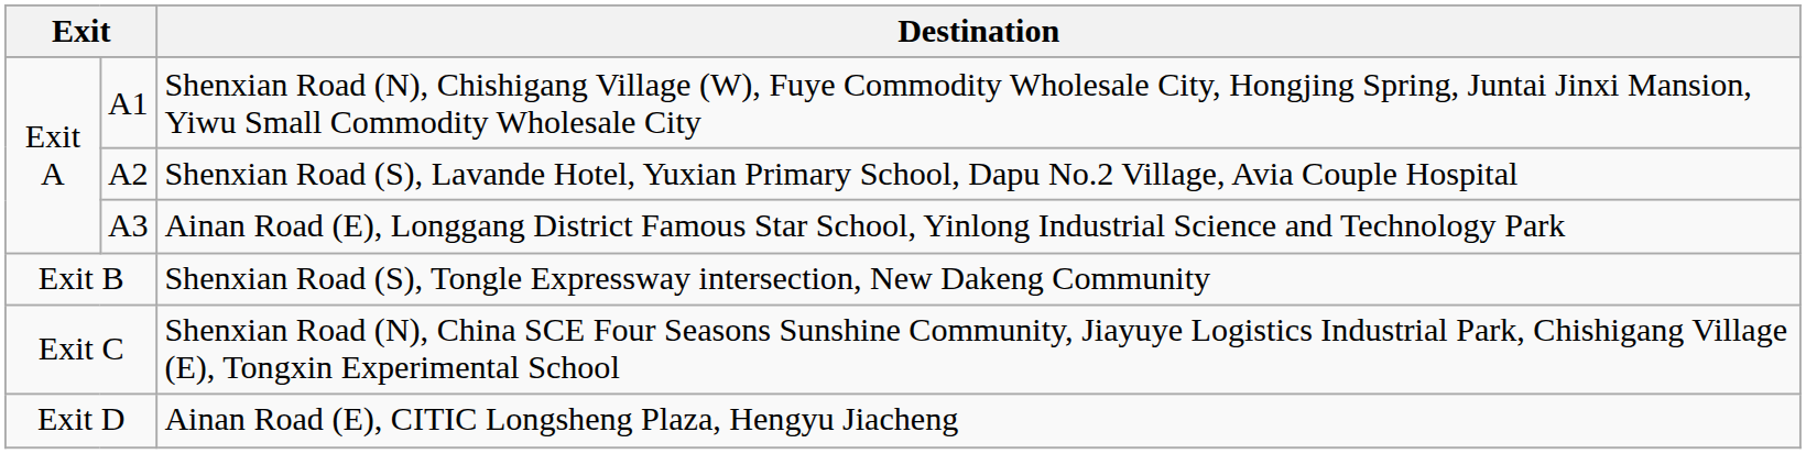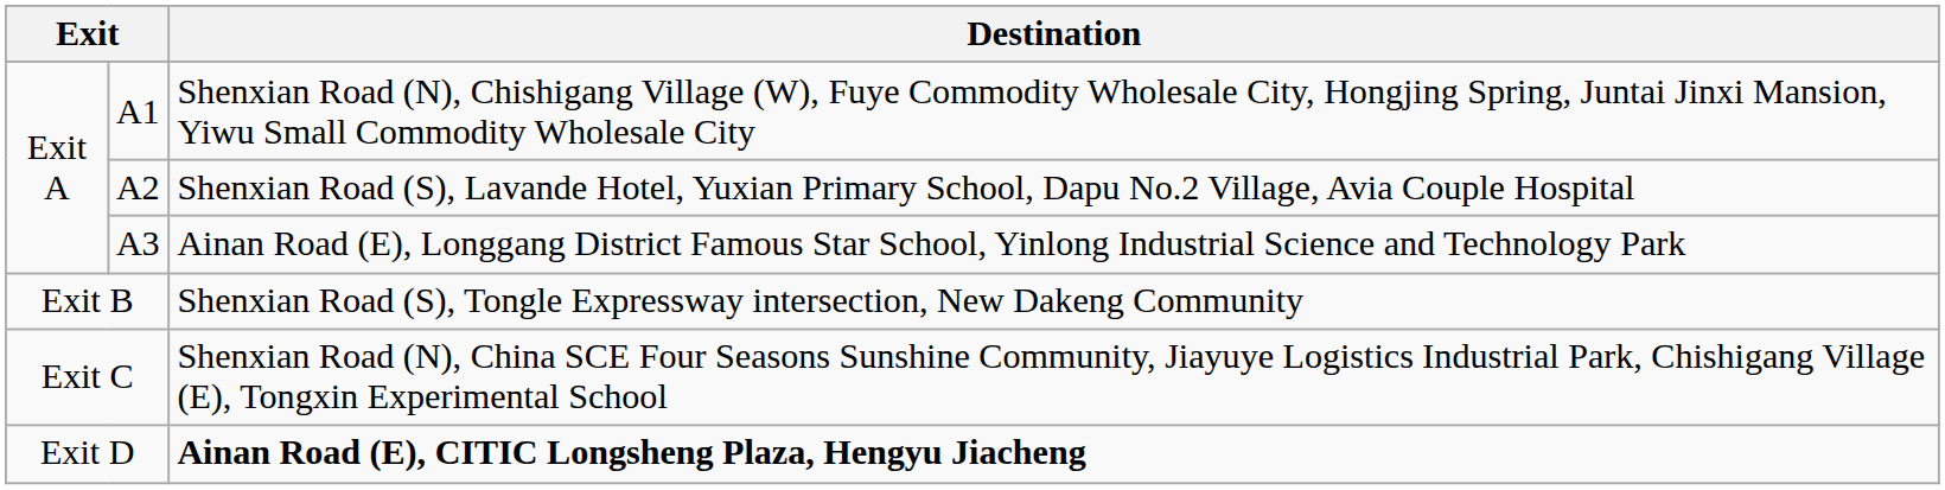 <table class="wikitable">
 <tr>
 <th style="width:70px" colspan=2>Exit</th>
 <th>Destination</th>
 </tr>
 <tr>
 <td align=center rowspan=3>Exit A</td>
 <td>A1</td>
 <td>Shenxian Road (N), Chishigang Village (W), Fuye Commodity Wholesale City, Hongjing Spring, Juntai Jinxi Mansion, Yiwu Small Commodity Wholesale City</td>
 </tr>
 <tr>
 <td>A2</td>
 <td>Shenxian Road (S), Lavande Hotel, Yuxian Primary School, Dapu No.2 Village, Avia Couple Hospital</td>
 </tr>
 <tr>
 <td>A3</td>
 <td>Ainan Road (E), Longgang District Famous Star School, Yinlong Industrial Science and Technology Park</td>
 </tr>
 <tr>
 <td align=center colspan=2>Exit B</td>
 <td>Shenxian Road (S), Tongle Expressway intersection, New Dakeng Community</td>
 </tr>
 <tr>
 <td align=center colspan=2>Exit C</td>
 <td>Shenxian Road (N), China SCE Four Seasons Sunshine Community, Jiayuye Logistics Industrial Park, Chishigang Village (E), Tongxin Experimental School</td>
 </tr>
 <tr>
 <td align=center colspan=2>Exit D</td>
-<td>Ainan Road (E), CITIC Longsheng Plaza, Hengyu Jiacheng</td>
+<td><strong>Ainan Road (E), CITIC Longsheng Plaza, Hengyu Jiacheng</strong></td>
 </tr>
 </table>
